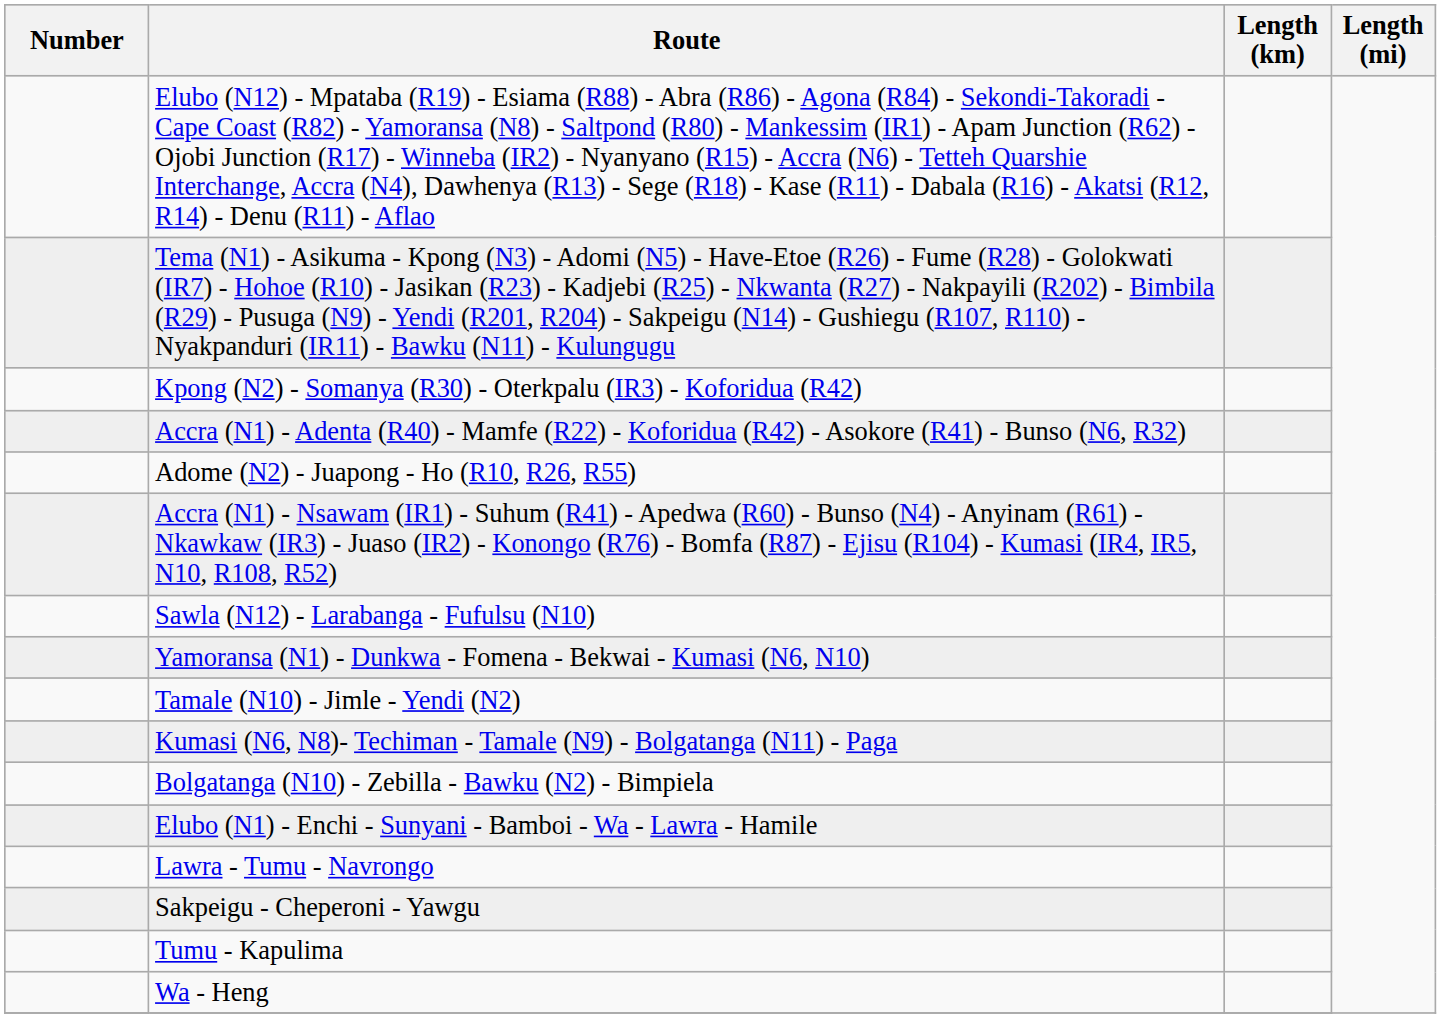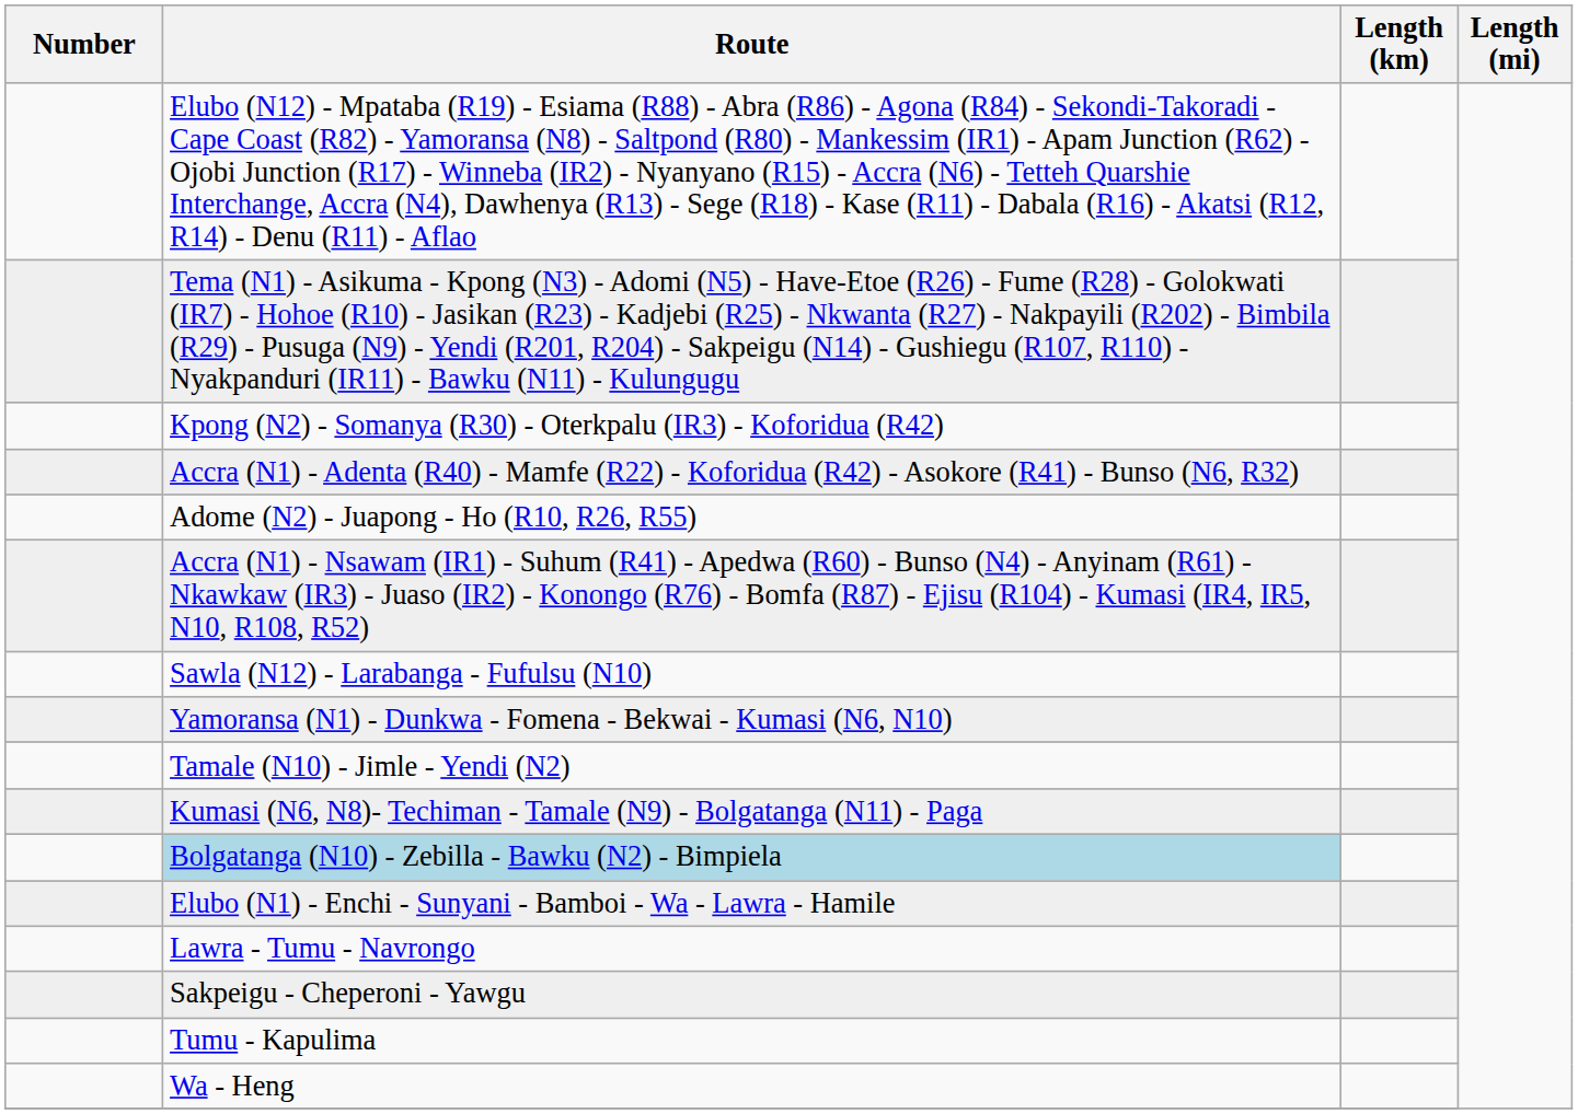 <table class="wikitable">
 <tr>
 <th width=80px>Number</th>
 <th>Route</th>
 <th>Length (km)</th>
 <th>Length (mi)</th>
 </tr>
 <tr>
 <td></td>
 <td><a href='#'>Elubo</a> (<a href='#'>N12</a>) - Mpataba (<a href='#'>R19</a>) - Esiama (<a href='#'>R88</a>) - Abra (<a href='#'>R86</a>) - <a href='#'>Agona</a> (<a href='#'>R84</a>) - <a href='#'>Sekondi-Takoradi</a> - <a href='#'>Cape Coast</a>  (<a href='#'>R82</a>) - <a href='#'>Yamoransa</a> (<a href='#'>N8</a>) - <a href='#'>Saltpond</a> (<a href='#'>R80</a>) - <a href='#'>Mankessim</a> (<a href='#'>IR1</a>) - Apam Junction (<a href='#'>R62</a>) - Ojobi Junction (<a href='#'>R17</a>) - <a href='#'>Winneba</a> (<a href='#'>IR2</a>) - Nyanyano (<a href='#'>R15</a>) - <a href='#'>Accra</a> (<a href='#'>N6</a>) - <a href='#'>Tetteh Quarshie Interchange</a>, <a href='#'>Accra</a> (<a href='#'>N4</a>), Dawhenya (<a href='#'>R13</a>) - Sege (<a href='#'>R18</a>) - Kase (<a href='#'>R11</a>) - Dabala (<a href='#'>R16</a>) - <a href='#'>Akatsi</a> (<a href='#'>R12</a>, <a href='#'>R14</a>) - Denu (<a href='#'>R11</a>) - <a href='#'>Aflao</a></td>
 <td></td>
 </tr>
 <tr style="background:#EFEFEF">
 <td></td>
 <td><a href='#'>Tema</a> (<a href='#'>N1</a>) - Asikuma - Kpong (<a href='#'>N3</a>) - Adomi (<a href='#'>N5</a>) - Have-Etoe (<a href='#'>R26</a>) - Fume (<a href='#'>R28</a>) - Golokwati (<a href='#'>IR7</a>) - <a href='#'>Hohoe</a> (<a href='#'>R10</a>) - Jasikan (<a href='#'>R23</a>) - Kadjebi (<a href='#'>R25</a>) - <a href='#'>Nkwanta</a> (<a href='#'>R27</a>) - Nakpayili (<a href='#'>R202</a>) - <a href='#'>Bimbila</a> (<a href='#'>R29</a>) - Pusuga (<a href='#'>N9</a>) - <a href='#'>Yendi</a> (<a href='#'>R201</a>, <a href='#'>R204</a>) - Sakpeigu (<a href='#'>N14</a>) - Gushiegu (<a href='#'>R107</a>, <a href='#'>R110</a>) - Nyakpanduri (<a href='#'>IR11</a>) - <a href='#'>Bawku</a> (<a href='#'>N11</a>) - <a href='#'>Kulungugu</a></td>
 <td></td>
 </tr>
 <tr>
 <td></td>
 <td><a href='#'>Kpong</a> (<a href='#'>N2</a>) - <a href='#'>Somanya</a> (<a href='#'>R30</a>) - Oterkpalu (<a href='#'>IR3</a>) - <a href='#'>Koforidua</a> (<a href='#'>R42</a>)</td>
 <td></td>
 </tr>
 <tr style="background:#EFEFEF">
 <td></td>
 <td><a href='#'>Accra</a> (<a href='#'>N1</a>) - <a href='#'>Adenta</a>  (<a href='#'>R40</a>) - Mamfe (<a href='#'>R22</a>) - <a href='#'>Koforidua</a> (<a href='#'>R42</a>) - Asokore (<a href='#'>R41</a>) - Bunso (<a href='#'>N6</a>, <a href='#'>R32</a>)</td>
 <td></td>
 </tr>
 <tr>
 <td></td>
 <td>Adome (<a href='#'>N2</a>) - Juapong - Ho (<a href='#'>R10</a>, <a href='#'>R26</a>, <a href='#'>R55</a>)</td>
 <td></td>
 </tr>
 <tr style="background:#EFEFEF">
 <td></td>
 <td><a href='#'>Accra</a> (<a href='#'>N1</a>) - <a href='#'>Nsawam</a> (<a href='#'>IR1</a>) - Suhum (<a href='#'>R41</a>) - Apedwa (<a href='#'>R60</a>) - Bunso (<a href='#'>N4</a>) - Anyinam (<a href='#'>R61</a>) - <a href='#'>Nkawkaw</a> (<a href='#'>IR3</a>) - Juaso (<a href='#'>IR2</a>) - <a href='#'>Konongo</a> (<a href='#'>R76</a>) - Bomfa (<a href='#'>R87</a>) - <a href='#'>Ejisu</a> (<a href='#'>R104</a>) - <a href='#'>Kumasi</a> (<a href='#'>IR4</a>, <a href='#'>IR5</a>, <a href='#'>N10</a>, <a href='#'>R108</a>, <a href='#'>R52</a>)</td>
 <td></td>
 </tr>
 <tr>
 <td></td>
 <td><a href='#'>Sawla</a> (<a href='#'>N12</a>) - <a href='#'>Larabanga</a> - <a href='#'>Fufulsu</a> (<a href='#'>N10</a>)</td>
 <td></td>
 </tr>
 <tr style="background:#EFEFEF">
 <td></td>
 <td><a href='#'>Yamoransa</a> (<a href='#'>N1</a>) - <a href='#'>Dunkwa</a> - Fomena - Bekwai - <a href='#'>Kumasi</a> (<a href='#'>N6</a>, <a href='#'>N10</a>)</td>
 <td></td>
 </tr>
 <tr>
 <td></td>
 <td><a href='#'>Tamale</a> (<a href='#'>N10</a>) - Jimle - <a href='#'>Yendi</a> (<a href='#'>N2</a>)</td>
 <td></td>
 </tr>
 <tr style="background:#EFEFEF">
 <td></td>
 <td><a href='#'>Kumasi</a> (<a href='#'>N6</a>, <a href='#'>N8</a>)- <a href='#'>Techiman</a> - <a href='#'>Tamale</a> (<a href='#'>N9</a>) - <a href='#'>Bolgatanga</a> (<a href='#'>N11</a>) - <a href='#'>Paga</a></td>
 <td></td>
 </tr>
 <tr>
 <td></td>
-<td><a href='#'>Bolgatanga</a> (<a href='#'>N10</a>) - Zebilla - <a href='#'>Bawku</a> (<a href='#'>N2</a>) - Bimpiela</td>
+<td style="background: lightblue;"><a href='#'>Bolgatanga</a> (<a href='#'>N10</a>) - Zebilla - <a href='#'>Bawku</a> (<a href='#'>N2</a>) - Bimpiela</td>
 <td></td>
 </tr>
 <tr style="background:#EFEFEF">
 <td></td>
 <td><a href='#'>Elubo</a> (<a href='#'>N1</a>) - Enchi - <a href='#'>Sunyani</a> - Bamboi - <a href='#'>Wa</a> - <a href='#'>Lawra</a> - Hamile</td>
 <td></td>
 </tr>
 <tr>
 <td></td>
 <td><a href='#'>Lawra</a> - <a href='#'>Tumu</a> - <a href='#'>Navrongo</a></td>
 <td></td>
 </tr>
 <tr style="background:#EFEFEF">
 <td></td>
 <td>Sakpeigu - Cheperoni - Yawgu</td>
 <td></td>
 </tr>
 <tr>
 <td></td>
 <td><a href='#'>Tumu</a> - Kapulima</td>
 <td></td>
 </tr>
 <tr>
 <td></td>
 <td><a href='#'>Wa</a> - Heng</td>
 <td></td>
 </tr>
 <tr>
 </tr>
 </table>
